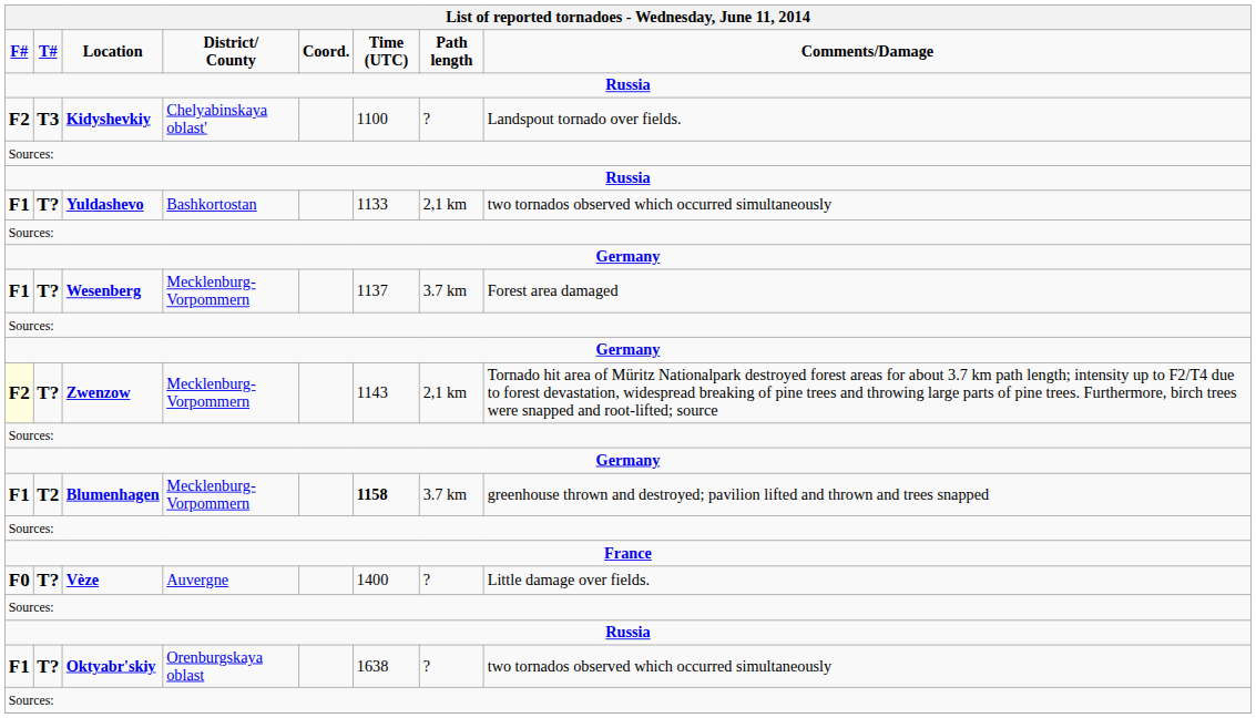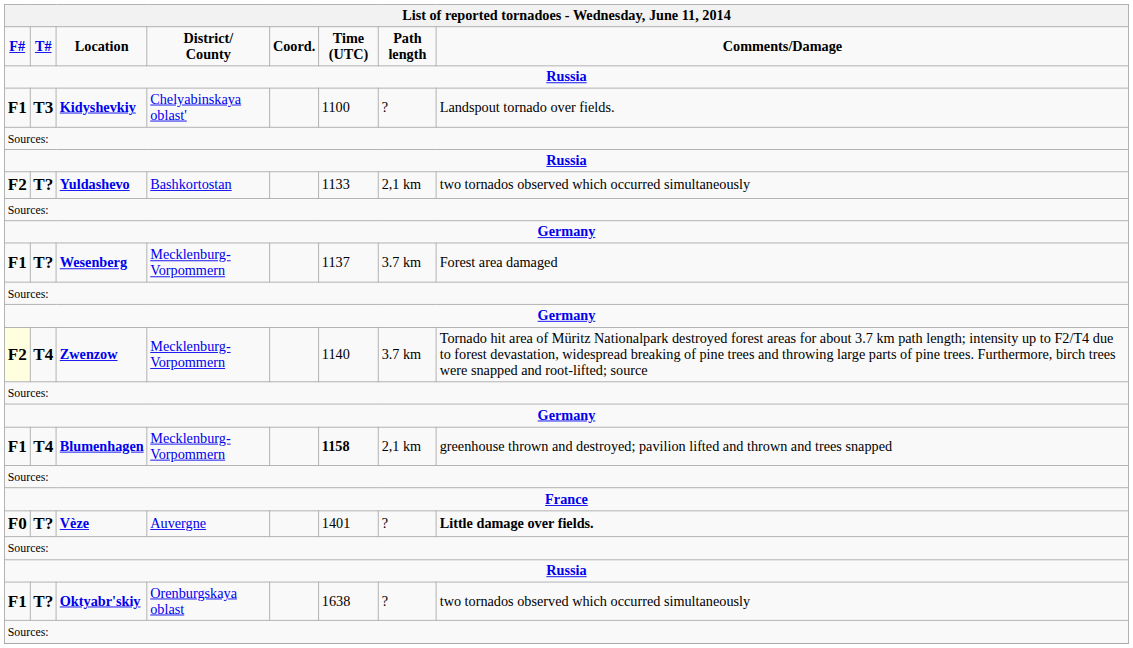 <table class="wikitable collapsible" width="100%">
 <tr>
 <th colspan="8">List of reported tornadoes - Wednesday, June 11, 2014</th>
 </tr>
 <tr>
 <td style="text-align: center;"><strong><a href='#'>F#</a></strong></td>
 <td style="text-align: center;"><strong><a href='#'>T#</a></strong></td>
 <td style="text-align: center;"><strong>Location</strong></td>
 <td style="text-align: center;"><strong>District/<br>County</strong></td>
 <td style="text-align: center;"><strong>Coord.</strong></td>
 <td style="text-align: center;"><strong>Time (UTC)</strong></td>
 <td style="text-align: center;"><strong>Path length</strong></td>
 <td style="text-align: center;"><strong>Comments/Damage</strong></td>
 </tr>
 <tr>
 <td colspan="8" align=center><strong><a href='#'>Russia</a></strong></td>
 </tr>
 <tr>
-<td><big><strong>F2</strong></big></td>
+<td><big><strong>F1</strong></big></td>
 <td><big><strong>T3</strong></big></td>
 <td><strong><a href='#'>Kidyshevkiy</a></strong></td>
 <td><a href='#'>Chelyabinskaya oblast'</a></td>
 <td></td>
 <td>1100</td>
 <td>?</td>
 <td>Landspout tornado over fields.</td>
 </tr>
 <tr>
 <td colspan="8"><small>Sources:</small></td>
 </tr>
 <tr>
 <td colspan="8" align=center><strong><a href='#'>Russia</a></strong></td>
 </tr>
 <tr>
-<td><big><strong>F1</strong></big></td>
+<td><big><strong>F2</strong></big></td>
 <td><big><strong>T?</strong></big></td>
 <td><strong><a href='#'>Yuldashevo</a></strong></td>
 <td><a href='#'>Bashkortostan</a></td>
 <td></td>
 <td>1133</td>
 <td>2,1 km</td>
 <td>two tornados observed which occurred simultaneously</td>
 </tr>
 <tr>
 <td colspan="8"><small>Sources:</small></td>
 </tr>
 <tr>
 <td colspan="8" align=center><strong><a href='#'>Germany</a></strong></td>
 </tr>
 <tr>
 <td><big><strong>F1</strong></big></td>
 <td><big><strong>T?</strong></big></td>
 <td><strong><a href='#'>Wesenberg</a></strong></td>
 <td><a href='#'>Mecklenburg-Vorpommern</a></td>
 <td></td>
 <td>1137</td>
 <td>3.7 km</td>
 <td>Forest area damaged</td>
 </tr>
 <tr>
 <td colspan="8"><small>Sources:</small></td>
 </tr>
 <tr>
 <td colspan="8" align=center><strong><a href='#'>Germany</a></strong></td>
 </tr>
 <tr>
 <td style="background: lightyellow;"><big><strong>F2</strong></big></td>
-<td><big><strong>T?</strong></big></td>
+<td><big><strong>T4</strong></big></td>
 <td><strong><a href='#'>Zwenzow</a></strong></td>
 <td><a href='#'>Mecklenburg-Vorpommern</a></td>
 <td></td>
-<td>1143</td>
-<td>2,1 km</td>
+<td>1140</td>
+<td>3.7 km</td>
 <td>Tornado hit area of Müritz Nationalpark destroyed forest areas for about 3.7 km path length; intensity up to F2/T4 due to forest devastation, widespread breaking of pine trees and throwing large parts of pine trees. Furthermore, birch trees were snapped and root-lifted; source</td>
 </tr>
 <tr>
 <td colspan="8"><small>Sources:</small></td>
 </tr>
 <tr>
 <td colspan="8" align=center><strong><a href='#'>Germany</a></strong></td>
 </tr>
 <tr>
 <td><big><strong>F1</strong></big></td>
-<td><big><strong>T2</strong></big></td>
+<td><big><strong>T4</strong></big></td>
 <td><strong><a href='#'>Blumenhagen</a></strong></td>
 <td><a href='#'>Mecklenburg-Vorpommern</a></td>
 <td></td>
 <td><strong>1158</strong></td>
-<td>3.7 km</td>
+<td>2,1 km</td>
 <td>greenhouse thrown and destroyed; pavilion lifted and thrown and trees snapped</td>
 </tr>
 <tr>
 <td colspan="8"><small>Sources:</small></td>
 </tr>
 <tr>
 <td colspan="8" align=center><strong><a href='#'>France</a></strong></td>
 </tr>
 <tr>
 <td><big><strong>F0</strong></big></td>
 <td><big><strong>T?</strong></big></td>
 <td><strong><a href='#'>Vèze</a></strong></td>
 <td><a href='#'>Auvergne</a></td>
 <td></td>
-<td>1400</td>
+<td>1401</td>
 <td>?</td>
-<td>Little damage over fields.</td>
+<td><strong>Little damage over fields.</strong></td>
 </tr>
 <tr>
 <td colspan="8"><small>Sources:</small></td>
 </tr>
 <tr>
 <td colspan="8" align=center><strong><a href='#'>Russia</a></strong></td>
 </tr>
 <tr>
 <td><big><strong>F1</strong></big></td>
 <td><big><strong>T?</strong></big></td>
 <td><strong><a href='#'>Oktyabr'skiy</a></strong></td>
 <td><a href='#'>Orenburgskaya oblast</a></td>
 <td></td>
 <td>1638</td>
 <td>?</td>
 <td>two tornados observed which occurred simultaneously</td>
 </tr>
 <tr>
 <td colspan="8"><small>Sources:</small></td>
 </tr>
 <tr>
 </tr>
 </table>
